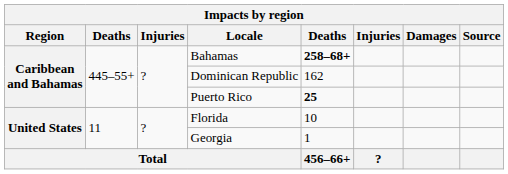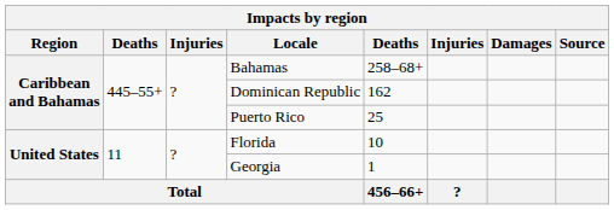 <table class="wikitable"  style="float:right; margin:10px;">
 <tr>
 <th colspan=8>Impacts by region</th>
 </tr>
 <tr>
 <th>Region</th>
 <th>Deaths</th>
 <th>Injuries</th>
 <th>Locale</th>
 <th>Deaths</th>
 <th>Injuries</th>
 <th>Damages</th>
 <th>Source</th>
 </tr>
 <tr>
 <th rowspan=3>Caribbean<br> and Bahamas</th>
 <td rowspan=3>445–55+</td>
 <td rowspan=3>?</td>
 <td>Bahamas</td>
-<td><strong>258–68+</strong></td>
+<td>258–68+</td>
 <td></td>
 <td></td>
 <td></td>
 </tr>
 <tr>
 <td>Dominican Republic</td>
 <td>162</td>
 <td></td>
 <td></td>
 <td></td>
 </tr>
 <tr>
 <td>Puerto Rico</td>
-<td><strong>25</strong></td>
+<td>25</td>
 <td></td>
 <td></td>
 <td></td>
 </tr>
 <tr>
 <th rowspan=2>United States</th>
 <td rowspan=2>11</td>
 <td rowspan=2>?</td>
 <td>Florida</td>
 <td>10</td>
 <td></td>
 <td></td>
 <td></td>
 </tr>
 <tr>
 <td>Georgia</td>
 <td>1</td>
 <td></td>
 <td></td>
 <td></td>
 </tr>
 <tr>
 <th colspan=4>Total</th>
 <th colspan>456–66+</th>
 <th colspan>?</th>
 <th colspan></th>
 <th colspan></th>
 </tr>
 </table>
